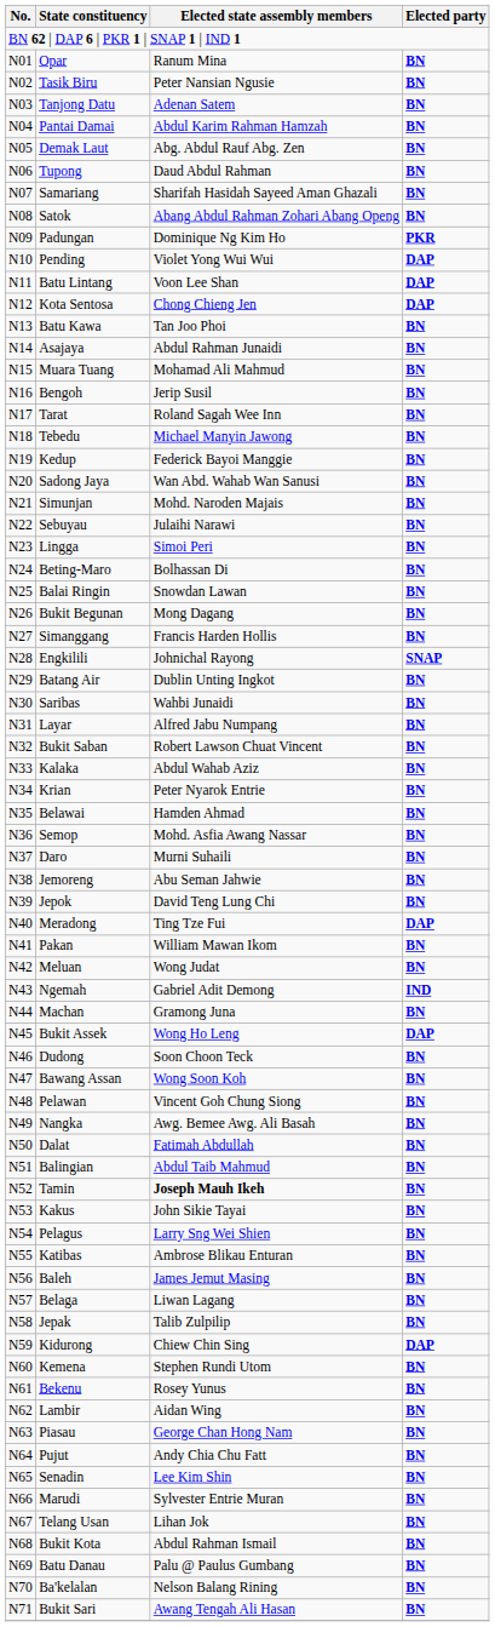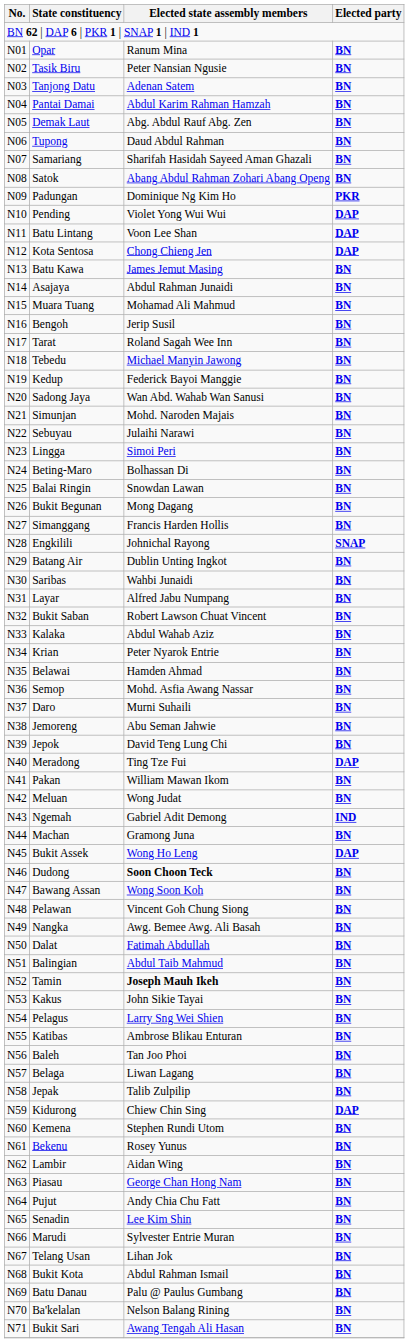 <table class="wikitable">
 <tr>
 <th>No.</th>
 <th>State constituency</th>
 <th>Elected state assembly members</th>
 <th>Elected party</th>
 </tr>
 <tr>
 <td colspan = "8"><a href='#'>BN</a> <strong>62</strong> | <a href='#'>DAP</a> <strong>6</strong> | <a href='#'>PKR</a> <strong>1</strong> | <a href='#'>SNAP</a> <strong>1</strong> | <a href='#'>IND</a> <strong>1</strong></td>
 </tr>
 <tr>
 <td>N01</td>
 <td><a href='#'>Opar</a></td>
 <td>Ranum Mina</td>
 <td><strong><a href='#'>BN</a></strong></td>
 </tr>
 <tr>
 <td>N02</td>
 <td><a href='#'>Tasik Biru</a></td>
 <td>Peter Nansian Ngusie</td>
 <td><strong><a href='#'>BN</a></strong></td>
 </tr>
 <tr>
 <td>N03</td>
 <td><a href='#'>Tanjong Datu</a></td>
 <td><a href='#'>Adenan Satem</a></td>
 <td><strong><a href='#'>BN</a></strong></td>
 </tr>
 <tr>
 <td>N04</td>
 <td><a href='#'>Pantai Damai</a></td>
 <td><a href='#'>Abdul Karim Rahman Hamzah</a></td>
 <td><strong><a href='#'>BN</a></strong></td>
 </tr>
 <tr>
 <td>N05</td>
 <td><a href='#'>Demak Laut</a></td>
 <td>Abg. Abdul Rauf Abg. Zen</td>
 <td><strong><a href='#'>BN</a></strong></td>
 </tr>
 <tr>
 <td>N06</td>
 <td><a href='#'>Tupong</a></td>
 <td>Daud Abdul Rahman</td>
 <td><strong><a href='#'>BN</a></strong></td>
 </tr>
 <tr>
 <td>N07</td>
 <td>Samariang</td>
 <td>Sharifah Hasidah Sayeed Aman Ghazali</td>
 <td><strong><a href='#'>BN</a></strong></td>
 </tr>
 <tr>
 <td>N08</td>
 <td>Satok</td>
 <td><a href='#'>Abang Abdul Rahman Zohari Abang Openg</a></td>
 <td><strong><a href='#'>BN</a></strong></td>
 </tr>
 <tr>
 <td>N09</td>
 <td>Padungan</td>
 <td>Dominique Ng Kim Ho</td>
 <td><strong><a href='#'>PKR</a></strong></td>
 </tr>
 <tr>
 <td>N10</td>
 <td>Pending</td>
 <td>Violet Yong Wui Wui</td>
 <td><strong><a href='#'>DAP</a></strong></td>
 </tr>
 <tr>
 <td>N11</td>
 <td>Batu Lintang</td>
 <td>Voon Lee Shan</td>
 <td><strong><a href='#'>DAP</a></strong></td>
 </tr>
 <tr>
 <td>N12</td>
 <td>Kota Sentosa</td>
 <td><a href='#'>Chong Chieng Jen</a></td>
 <td><strong><a href='#'>DAP</a></strong></td>
 </tr>
 <tr>
 <td>N13</td>
 <td>Batu Kawa</td>
-<td>Tan Joo Phoi</td>
+<td><a href='#'>James Jemut Masing</a></td>
 <td><strong><a href='#'>BN</a></strong></td>
 </tr>
 <tr>
 <td>N14</td>
 <td>Asajaya</td>
 <td>Abdul Rahman Junaidi</td>
 <td><strong><a href='#'>BN</a></strong></td>
 </tr>
 <tr>
 <td>N15</td>
 <td>Muara Tuang</td>
 <td>Mohamad Ali Mahmud</td>
 <td><strong><a href='#'>BN</a></strong></td>
 </tr>
 <tr>
 <td>N16</td>
 <td>Bengoh</td>
 <td>Jerip Susil</td>
 <td><strong><a href='#'>BN</a></strong></td>
 </tr>
 <tr>
 <td>N17</td>
 <td>Tarat</td>
 <td>Roland Sagah Wee Inn</td>
 <td><strong><a href='#'>BN</a></strong></td>
 </tr>
 <tr>
 <td>N18</td>
 <td>Tebedu</td>
 <td><a href='#'>Michael Manyin Jawong</a></td>
 <td><strong><a href='#'>BN</a></strong></td>
 </tr>
 <tr>
 <td>N19</td>
 <td>Kedup</td>
 <td>Federick Bayoi Manggie</td>
 <td><strong><a href='#'>BN</a></strong></td>
 </tr>
 <tr>
 <td>N20</td>
 <td>Sadong Jaya</td>
 <td>Wan Abd. Wahab Wan Sanusi</td>
 <td><strong><a href='#'>BN</a></strong></td>
 </tr>
 <tr>
 <td>N21</td>
 <td>Simunjan</td>
 <td>Mohd. Naroden Majais</td>
 <td><strong><a href='#'>BN</a></strong></td>
 </tr>
 <tr>
 <td>N22</td>
 <td>Sebuyau</td>
 <td>Julaihi Narawi</td>
 <td><strong><a href='#'>BN</a></strong></td>
 </tr>
 <tr>
 <td>N23</td>
 <td>Lingga</td>
 <td><a href='#'>Simoi Peri</a></td>
 <td><strong><a href='#'>BN</a></strong></td>
 </tr>
 <tr>
 <td>N24</td>
 <td>Beting-Maro</td>
 <td>Bolhassan Di</td>
 <td><strong><a href='#'>BN</a></strong></td>
 </tr>
 <tr>
 <td>N25</td>
 <td>Balai Ringin</td>
 <td>Snowdan Lawan</td>
 <td><strong><a href='#'>BN</a></strong></td>
 </tr>
 <tr>
 <td>N26</td>
 <td>Bukit Begunan</td>
 <td>Mong Dagang</td>
 <td><strong><a href='#'>BN</a></strong></td>
 </tr>
 <tr>
 <td>N27</td>
 <td>Simanggang</td>
 <td>Francis Harden Hollis</td>
 <td><strong><a href='#'>BN</a></strong></td>
 </tr>
 <tr>
 <td>N28</td>
 <td>Engkilili</td>
 <td>Johnichal Rayong</td>
 <td><strong><a href='#'>SNAP</a></strong></td>
 </tr>
 <tr>
 <td>N29</td>
 <td>Batang Air</td>
 <td>Dublin Unting Ingkot</td>
 <td><strong><a href='#'>BN</a></strong></td>
 </tr>
 <tr>
 <td>N30</td>
 <td>Saribas</td>
 <td>Wahbi Junaidi</td>
 <td><strong><a href='#'>BN</a></strong></td>
 </tr>
 <tr>
 <td>N31</td>
 <td>Layar</td>
 <td>Alfred Jabu Numpang</td>
 <td><strong><a href='#'>BN</a></strong></td>
 </tr>
 <tr>
 <td>N32</td>
 <td>Bukit Saban</td>
 <td>Robert Lawson Chuat Vincent</td>
 <td><strong><a href='#'>BN</a></strong></td>
 </tr>
 <tr>
 <td>N33</td>
 <td>Kalaka</td>
 <td>Abdul Wahab Aziz</td>
 <td><strong><a href='#'>BN</a></strong></td>
 </tr>
 <tr>
 <td>N34</td>
 <td>Krian</td>
 <td>Peter Nyarok  Entrie</td>
 <td><strong><a href='#'>BN</a></strong></td>
 </tr>
 <tr>
 <td>N35</td>
 <td>Belawai</td>
 <td>Hamden Ahmad</td>
 <td><strong><a href='#'>BN</a></strong></td>
 </tr>
 <tr>
 <td>N36</td>
 <td>Semop</td>
 <td>Mohd. Asfia Awang Nassar</td>
 <td><strong><a href='#'>BN</a></strong></td>
 </tr>
 <tr>
 <td>N37</td>
 <td>Daro</td>
 <td>Murni Suhaili</td>
 <td><strong><a href='#'>BN</a></strong></td>
 </tr>
 <tr>
 <td>N38</td>
 <td>Jemoreng</td>
 <td>Abu Seman Jahwie</td>
 <td><strong><a href='#'>BN</a></strong></td>
 </tr>
 <tr>
 <td>N39</td>
 <td>Jepok</td>
 <td>David Teng Lung Chi</td>
 <td><strong><a href='#'>BN</a></strong></td>
 </tr>
 <tr>
 <td>N40</td>
 <td>Meradong</td>
 <td>Ting Tze Fui</td>
 <td><strong><a href='#'>DAP</a></strong></td>
 </tr>
 <tr>
 <td>N41</td>
 <td>Pakan</td>
 <td>William Mawan Ikom</td>
 <td><strong><a href='#'>BN</a></strong></td>
 </tr>
 <tr>
 <td>N42</td>
 <td>Meluan</td>
 <td>Wong Judat</td>
 <td><strong><a href='#'>BN</a></strong></td>
 </tr>
 <tr>
 <td>N43</td>
 <td>Ngemah</td>
 <td>Gabriel Adit Demong</td>
 <td><strong><a href='#'>IND</a></strong></td>
 </tr>
 <tr>
 <td>N44</td>
 <td>Machan</td>
 <td>Gramong Juna</td>
 <td><strong><a href='#'>BN</a></strong></td>
 </tr>
 <tr>
 <td>N45</td>
 <td>Bukit Assek</td>
 <td><a href='#'>Wong Ho Leng</a></td>
 <td><strong><a href='#'>DAP</a></strong></td>
 </tr>
 <tr>
 <td>N46</td>
 <td>Dudong</td>
-<td>Soon Choon Teck</td>
+<td><strong>Soon Choon Teck</strong></td>
 <td><strong><a href='#'>BN</a></strong></td>
 </tr>
 <tr>
 <td>N47</td>
 <td>Bawang Assan</td>
 <td><a href='#'>Wong Soon Koh</a></td>
 <td><strong><a href='#'>BN</a></strong></td>
 </tr>
 <tr>
 <td>N48</td>
 <td>Pelawan</td>
 <td>Vincent Goh Chung Siong</td>
 <td><strong><a href='#'>BN</a></strong></td>
 </tr>
 <tr>
 <td>N49</td>
 <td>Nangka</td>
 <td>Awg. Bemee Awg. Ali Basah</td>
 <td><strong><a href='#'>BN</a></strong></td>
 </tr>
 <tr>
 <td>N50</td>
 <td>Dalat</td>
 <td><a href='#'>Fatimah Abdullah</a></td>
 <td><strong><a href='#'>BN</a></strong></td>
 </tr>
 <tr>
 <td>N51</td>
 <td>Balingian</td>
 <td><a href='#'>Abdul Taib Mahmud</a></td>
 <td><strong><a href='#'>BN</a></strong></td>
 </tr>
 <tr>
 <td>N52</td>
 <td>Tamin</td>
 <td><strong>Joseph Mauh Ikeh</strong></td>
 <td><strong><a href='#'>BN</a></strong></td>
 </tr>
 <tr>
 <td>N53</td>
 <td>Kakus</td>
 <td>John Sikie Tayai</td>
 <td><strong><a href='#'>BN</a></strong></td>
 </tr>
 <tr>
 <td>N54</td>
 <td>Pelagus</td>
 <td><a href='#'>Larry Sng Wei Shien</a></td>
 <td><strong><a href='#'>BN</a></strong></td>
 </tr>
 <tr>
 <td>N55</td>
 <td>Katibas</td>
 <td>Ambrose Blikau Enturan</td>
 <td><strong><a href='#'>BN</a></strong></td>
 </tr>
 <tr>
 <td>N56</td>
 <td>Baleh</td>
-<td><a href='#'>James Jemut Masing</a></td>
+<td>Tan Joo Phoi</td>
 <td><strong><a href='#'>BN</a></strong></td>
 </tr>
 <tr>
 <td>N57</td>
 <td>Belaga</td>
 <td>Liwan Lagang</td>
 <td><strong><a href='#'>BN</a></strong></td>
 </tr>
 <tr>
 <td>N58</td>
 <td>Jepak</td>
 <td>Talib Zulpilip</td>
 <td><strong><a href='#'>BN</a></strong></td>
 </tr>
 <tr>
 <td>N59</td>
 <td>Kidurong</td>
 <td>Chiew Chin Sing</td>
 <td><strong><a href='#'>DAP</a></strong></td>
 </tr>
 <tr>
 <td>N60</td>
 <td>Kemena</td>
 <td>Stephen Rundi Utom</td>
 <td><strong><a href='#'>BN</a></strong></td>
 </tr>
 <tr>
 <td>N61</td>
 <td><a href='#'>Bekenu</a></td>
 <td>Rosey Yunus</td>
 <td><strong><a href='#'>BN</a></strong></td>
 </tr>
 <tr>
 <td>N62</td>
 <td>Lambir</td>
 <td>Aidan Wing</td>
 <td><strong><a href='#'>BN</a></strong></td>
 </tr>
 <tr>
 <td>N63</td>
 <td>Piasau</td>
 <td><a href='#'>George Chan Hong Nam</a></td>
 <td><strong><a href='#'>BN</a></strong></td>
 </tr>
 <tr>
 <td>N64</td>
 <td>Pujut</td>
 <td>Andy Chia Chu Fatt</td>
 <td><strong><a href='#'>BN</a></strong></td>
 </tr>
 <tr>
 <td>N65</td>
 <td>Senadin</td>
 <td><a href='#'>Lee Kim Shin</a></td>
 <td><strong><a href='#'>BN</a></strong></td>
 </tr>
 <tr>
 <td>N66</td>
 <td>Marudi</td>
 <td>Sylvester Entrie Muran</td>
 <td><strong><a href='#'>BN</a></strong></td>
 </tr>
 <tr>
 <td>N67</td>
 <td>Telang Usan</td>
 <td>Lihan Jok</td>
 <td><strong><a href='#'>BN</a></strong></td>
 </tr>
 <tr>
 <td>N68</td>
 <td>Bukit Kota</td>
 <td>Abdul Rahman Ismail</td>
 <td><strong><a href='#'>BN</a></strong></td>
 </tr>
 <tr>
 <td>N69</td>
 <td>Batu Danau</td>
 <td>Palu @ Paulus Gumbang</td>
 <td><strong><a href='#'>BN</a></strong></td>
 </tr>
 <tr>
 <td>N70</td>
 <td>Ba'kelalan</td>
 <td>Nelson Balang Rining</td>
 <td><strong><a href='#'>BN</a></strong></td>
 </tr>
 <tr>
 <td>N71</td>
 <td>Bukit Sari</td>
 <td><a href='#'>Awang Tengah Ali Hasan</a></td>
 <td><strong><a href='#'>BN</a></strong></td>
 </tr>
 <tr>
 </tr>
 </table>
